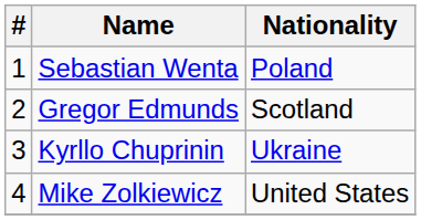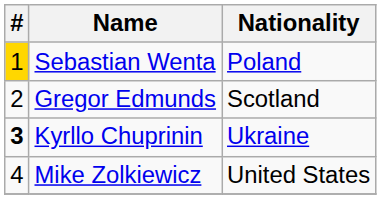 <table class="wikitable">
 <tr>
 <th>#</th>
 <th>Name</th>
 <th>Nationality</th>
 </tr>
 <tr>
-<td>1</td>
+<td style="background: gold;">1</td>
 <td><a href='#'>Sebastian Wenta</a></td>
 <td> <a href='#'>Poland</a></td>
 </tr>
 <tr>
 <td>2</td>
 <td><a href='#'>Gregor Edmunds</a></td>
 <td> Scotland</td>
 </tr>
 <tr>
-<td>3</td>
+<td><strong>3</strong></td>
 <td><a href='#'>Kyrllo Chuprinin</a></td>
 <td> <a href='#'>Ukraine</a></td>
 </tr>
 <tr>
 <td>4</td>
 <td><a href='#'>Mike Zolkiewicz</a></td>
 <td> United States</td>
 </tr>
 <tr>
 </tr>
 </table>
